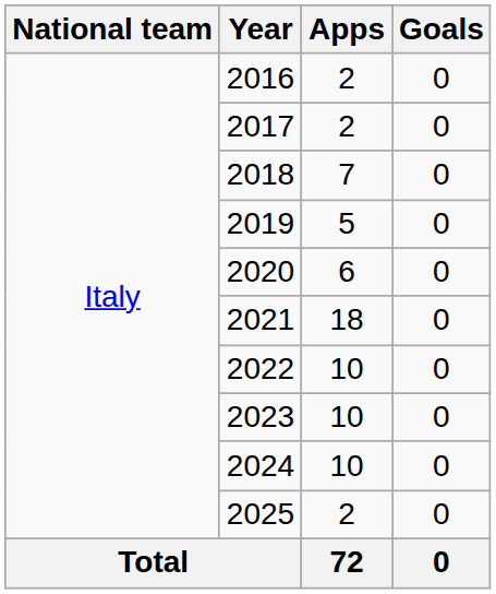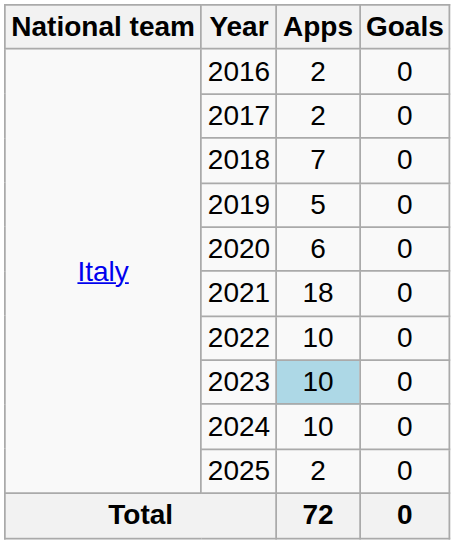 <table class="wikitable" style="text-align:center">
 <tr>
 <th>National team</th>
 <th>Year</th>
 <th>Apps</th>
 <th>Goals</th>
 </tr>
 <tr>
 <td rowspan="10"><a href='#'>Italy</a></td>
 <td>2016</td>
 <td>2</td>
 <td>0</td>
 </tr>
 <tr>
 <td>2017</td>
 <td>2</td>
 <td>0</td>
 </tr>
 <tr>
 <td>2018</td>
 <td>7</td>
 <td>0</td>
 </tr>
 <tr>
 <td>2019</td>
 <td>5</td>
 <td>0</td>
 </tr>
 <tr>
 <td>2020</td>
 <td>6</td>
 <td>0</td>
 </tr>
 <tr>
 <td>2021</td>
 <td>18</td>
 <td>0</td>
 </tr>
 <tr>
 <td>2022</td>
 <td>10</td>
 <td>0</td>
 </tr>
 <tr>
 <td>2023</td>
-<td>10</td>
+<td style="background: lightblue;">10</td>
 <td>0</td>
 </tr>
 <tr>
 <td>2024</td>
 <td>10</td>
 <td>0</td>
 </tr>
 <tr>
 <td>2025</td>
 <td>2</td>
 <td>0</td>
 </tr>
 <tr>
 <th colspan="2">Total</th>
 <th>72</th>
 <th>0</th>
 </tr>
 </table>
